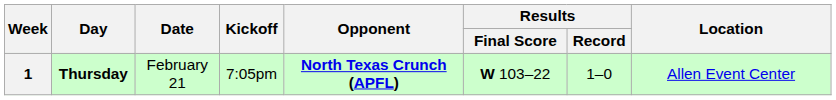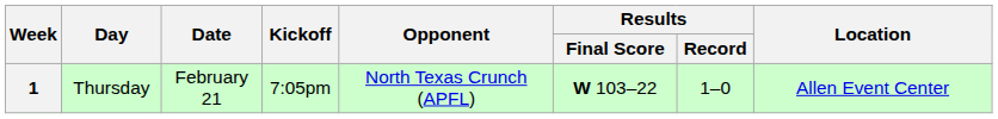 <table class="wikitable">
 <tr>
 <th rowspan="2" width="40">Week</th>
 <th rowspan="2" width="80">Day</th>
 <th rowspan="2" width="80">Date</th>
 <th rowspan="2" width="60">Kickoff</th>
 <th rowspan="2" width="180">Opponent</th>
 <th colspan="2" width="160">Results</th>
 <th rowspan="2" width="200">Location</th>
 </tr>
 <tr>
 <th width="100">Final Score</th>
 <th width="60">Record</th>
 </tr>
 <tr align="center" bgcolor="#CCFFCC">
 <th>1</th>
-<td><strong>Thursday</strong></td>
+<td>Thursday</td>
 <td>February 21</td>
 <td>7:05pm</td>
-<td><strong><a href='#'>North Texas Crunch</a> (<a href='#'>APFL</a>)</strong></td>
+<td><a href='#'>North Texas Crunch</a> (<a href='#'>APFL</a>)</td>
 <td><strong>W</strong> 103–22</td>
 <td>1–0</td>
 <td><a href='#'>Allen Event Center</a></td>
 </tr>
 </table>
